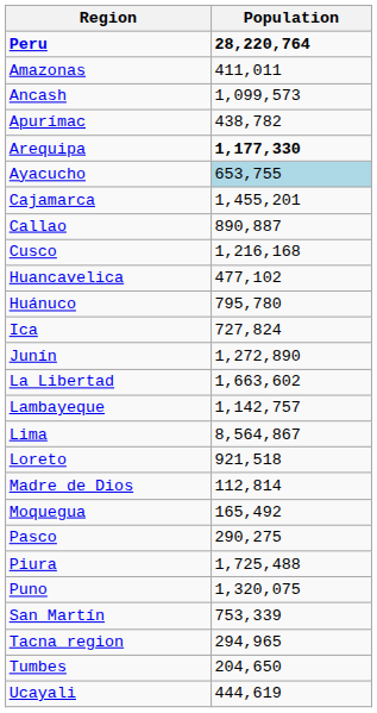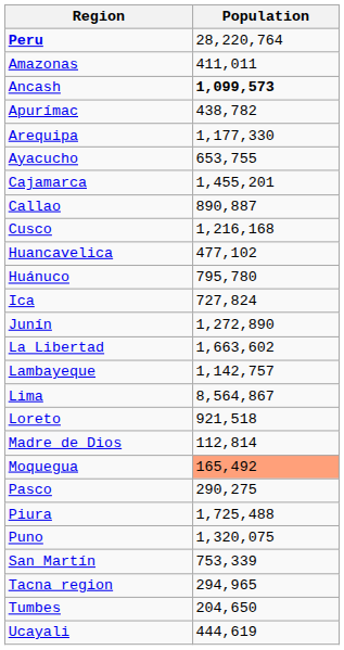 <table class="wikitable sortable" border="0" width="300px">
 <tr>
 <th data-sort-type="number">Region</th>
 <th data-sort-type="number">Population</th>
 </tr>
 <tr>
 <td><strong><a href='#'>Peru</a></strong></td>
-<td><strong>28,220,764</strong></td>
+<td>28,220,764</td>
 </tr>
 <tr>
 <td><a href='#'>Amazonas</a></td>
 <td>411,011</td>
 </tr>
 <tr>
 <td><a href='#'>Ancash</a></td>
-<td>1,099,573</td>
+<td><strong>1,099,573</strong></td>
 </tr>
 <tr>
 <td><a href='#'>Apurímac</a></td>
 <td>438,782</td>
 </tr>
 <tr>
 <td><a href='#'>Arequipa</a></td>
-<td><strong>1,177,330</strong></td>
+<td>1,177,330</td>
 </tr>
 <tr>
 <td><a href='#'>Ayacucho</a></td>
-<td style="background: lightblue;">653,755</td>
+<td>653,755</td>
 </tr>
 <tr>
 <td><a href='#'>Cajamarca</a></td>
 <td>1,455,201</td>
 </tr>
 <tr>
 <td><a href='#'>Callao</a></td>
 <td>890,887</td>
 </tr>
 <tr>
 <td><a href='#'>Cusco</a></td>
 <td>1,216,168</td>
 </tr>
 <tr>
 <td><a href='#'>Huancavelica</a></td>
 <td>477,102</td>
 </tr>
 <tr>
 <td><a href='#'>Huánuco</a></td>
 <td>795,780</td>
 </tr>
 <tr>
 <td><a href='#'>Ica</a></td>
 <td>727,824</td>
 </tr>
 <tr>
 <td><a href='#'>Junín</a></td>
 <td>1,272,890</td>
 </tr>
 <tr>
 <td><a href='#'>La Libertad</a></td>
 <td>1,663,602</td>
 </tr>
 <tr>
 <td><a href='#'>Lambayeque</a></td>
 <td>1,142,757</td>
 </tr>
 <tr>
 <td><a href='#'>Lima</a></td>
 <td>8,564,867</td>
 </tr>
 <tr>
 <td><a href='#'>Loreto</a></td>
 <td>921,518</td>
 </tr>
 <tr>
 <td><a href='#'>Madre de Dios</a></td>
 <td>112,814</td>
 </tr>
 <tr>
 <td><a href='#'>Moquegua</a></td>
-<td>165,492</td>
+<td style="background: lightsalmon;">165,492</td>
 </tr>
 <tr>
 <td><a href='#'>Pasco</a></td>
 <td>290,275</td>
 </tr>
 <tr>
 <td><a href='#'>Piura</a></td>
 <td>1,725,488</td>
 </tr>
 <tr>
 <td><a href='#'>Puno</a></td>
 <td>1,320,075</td>
 </tr>
 <tr>
 <td><a href='#'>San Martín</a></td>
 <td>753,339</td>
 </tr>
 <tr>
 <td><a href='#'>Tacna region</a></td>
 <td>294,965</td>
 </tr>
 <tr>
 <td><a href='#'>Tumbes</a></td>
 <td>204,650</td>
 </tr>
 <tr>
 <td><a href='#'>Ucayali</a></td>
 <td>444,619</td>
 </tr>
 </table>
